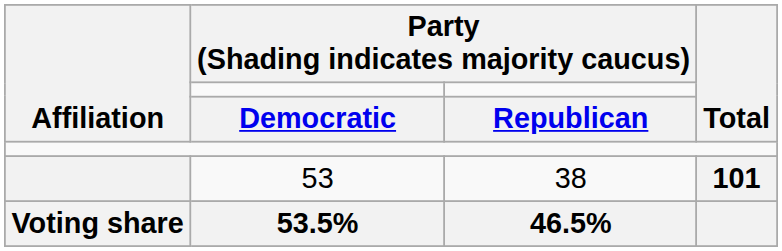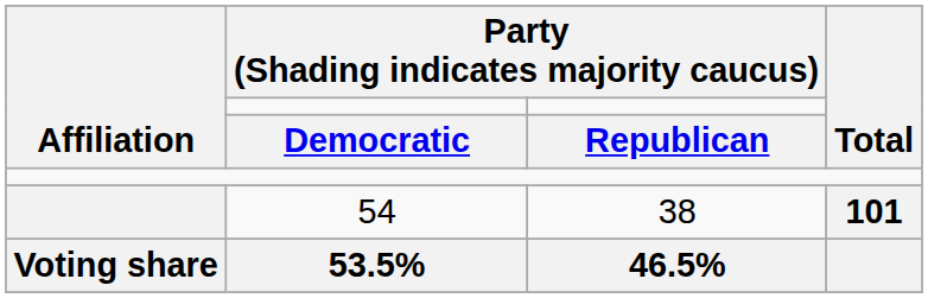 <table class=wikitable style="text-align:center">
 <tr style="vertical-align:bottom;">
 <th rowspan=3>Affiliation</th>
 <th colspan=2>Party <div>(Shading indicates majority caucus)</div></th>
 <th rowspan=3>Total</th>
 </tr>
 <tr style="height:5px">
 <td style="background-color:"></td>
 <td style="background-color:"></td>
 </tr>
 <tr>
 <th><a href='#'>Democratic</a></th>
 <th><a href='#'>Republican</a></th>
 </tr>
 <tr>
 <td colspan=5></td>
 </tr>
 <tr>
 <th nowrap style="font-size:80%"></th>
-<td>53</td>
+<td>54</td>
 <td>38</td>
 <th>101</th>
 </tr>
 <tr>
 <th>Voting share</th>
 <th>53.5%</th>
 <th>46.5%</th>
 <th colspan=2></th>
 </tr>
 </table>
